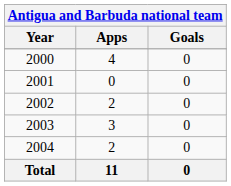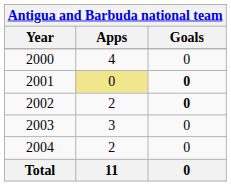 <table class="wikitable" style="text-align:center">
 <tr>
 <th colspan=3><a href='#'>Antigua and Barbuda national team</a></th>
 </tr>
 <tr>
 <th>Year</th>
 <th>Apps</th>
 <th>Goals</th>
 </tr>
 <tr>
 </tr>
 <tr>
 <td>2000</td>
 <td>4</td>
 <td>0</td>
 </tr>
 <tr>
 <td>2001</td>
-<td>0</td>
-<td>0</td>
+<td style="background: khaki;">0</td>
+<td><strong>0</strong></td>
 </tr>
 <tr>
 <td>2002</td>
 <td>2</td>
-<td>0</td>
+<td><strong>0</strong></td>
 </tr>
 <tr>
 <td>2003</td>
 <td>3</td>
 <td>0</td>
 </tr>
 <tr>
 <td>2004</td>
 <td>2</td>
 <td>0</td>
 </tr>
 <tr>
 <th>Total</th>
 <th>11</th>
 <th>0</th>
 </tr>
 </table>
